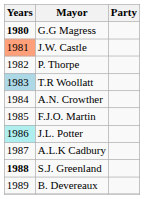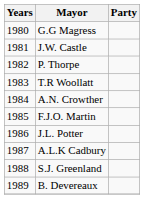 <table class="wikitable mw-collapsible">
 <tr>
 <th>Years</th>
 <th>Mayor</th>
 <th colspan=2>Party</th>
 </tr>
 <tr>
-<td><strong>1980</strong></td>
+<td>1980</td>
 <td>G.G Magress</td>
 <td></td>
 </tr>
 <tr>
-<td style="background: lightsalmon;">1981</td>
+<td>1981</td>
 <td>J.W. Castle</td>
 <td></td>
 </tr>
 <tr>
 <td>1982</td>
 <td>P. Thorpe</td>
 <td></td>
 </tr>
 <tr>
-<td style="background: lightblue;">1983</td>
+<td>1983</td>
 <td>T.R Woollatt</td>
 <td></td>
 </tr>
 <tr>
 <td>1984</td>
 <td>A.N. Crowther</td>
 <td></td>
 </tr>
 <tr>
 <td>1985</td>
 <td>F.J.O. Martin</td>
 <td></td>
 </tr>
 <tr>
-<td style="background: paleturquoise;">1986</td>
+<td>1986</td>
 <td>J.L. Potter</td>
 <td></td>
 </tr>
 <tr>
 <td>1987</td>
 <td>A.L.K Cadbury</td>
 <td></td>
 </tr>
 <tr>
-<td><strong>1988</strong></td>
+<td>1988</td>
 <td>S.J. Greenland</td>
 <td></td>
 </tr>
 <tr>
 <td>1989</td>
 <td>B. Devereaux</td>
 <td></td>
 </tr>
 <tr>
 </tr>
 </table>
